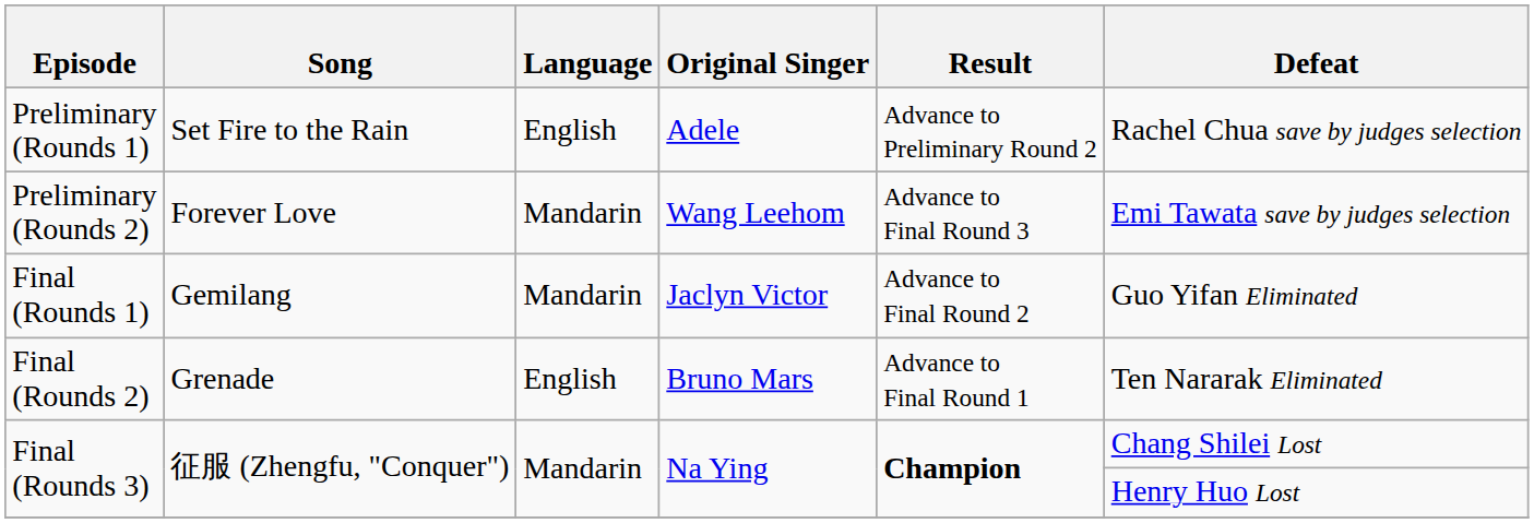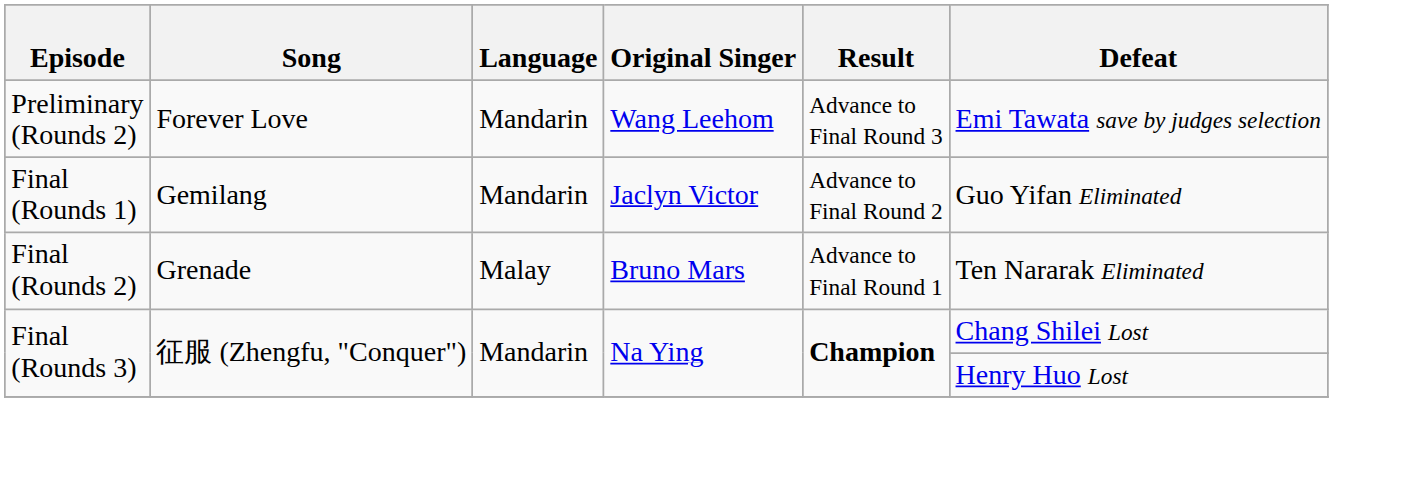 <table class="wikitable">
 <tr>
 <th><br>Episode</th>
 <th><br>Song</th>
 <th><br>Language</th>
 <th><br>Original Singer</th>
 <th><br>Result</th>
 <th><br>Defeat</th>
-</tr>
-<tr>
-<td>Preliminary<br>(Rounds 1)</td>
-<td>Set Fire to the Rain</td>
-<td>English</td>
-<td><a href='#'>Adele</a></td>
-<td><small>Advance to <br>Preliminary Round 2 </small></td>
-<td> Rachel Chua <small><em>save by judges selection</em></small></td>
 </tr>
 <tr>
 <td>Preliminary<br>(Rounds 2)</td>
 <td>Forever Love</td>
 <td>Mandarin</td>
 <td><a href='#'>Wang Leehom</a></td>
 <td><small>Advance to <br>Final Round 3</small></td>
 <td> <a href='#'>Emi Tawata</a> <small><em>save by judges selection</em></small></td>
 </tr>
 <tr>
 <td>Final<br>(Rounds 1)</td>
 <td>Gemilang</td>
 <td>Mandarin</td>
 <td><a href='#'>Jaclyn Victor</a></td>
 <td><small>Advance to <br>Final Round 2</small></td>
 <td> Guo Yifan <small><em>Eliminated</em></small></td>
 </tr>
 <tr>
 <td>Final<br>(Rounds 2)</td>
 <td>Grenade</td>
-<td>English</td>
+<td>Malay</td>
 <td><a href='#'>Bruno Mars</a></td>
 <td><small>Advance to <br> Final Round 1</small></td>
 <td> Ten Nararak <small><em>Eliminated</em></small></td>
 </tr>
 <tr>
 <td rowspan="2">Final<br>(Rounds 3)</td>
 <td rowspan="2">征服 (Zhengfu, "Conquer")</td>
 <td rowspan="2">Mandarin</td>
 <td rowspan="2"><a href='#'>Na Ying</a></td>
 <td rowspan="2"><strong>Champion</strong></td>
 <td> <a href='#'>Chang Shilei</a> <small><em>Lost</em></small></td>
 </tr>
 <tr>
 <td> <a href='#'>Henry Huo</a> <small><em>Lost</em></small></td>
 </tr>
 <tr>
 </tr>
 </table>
